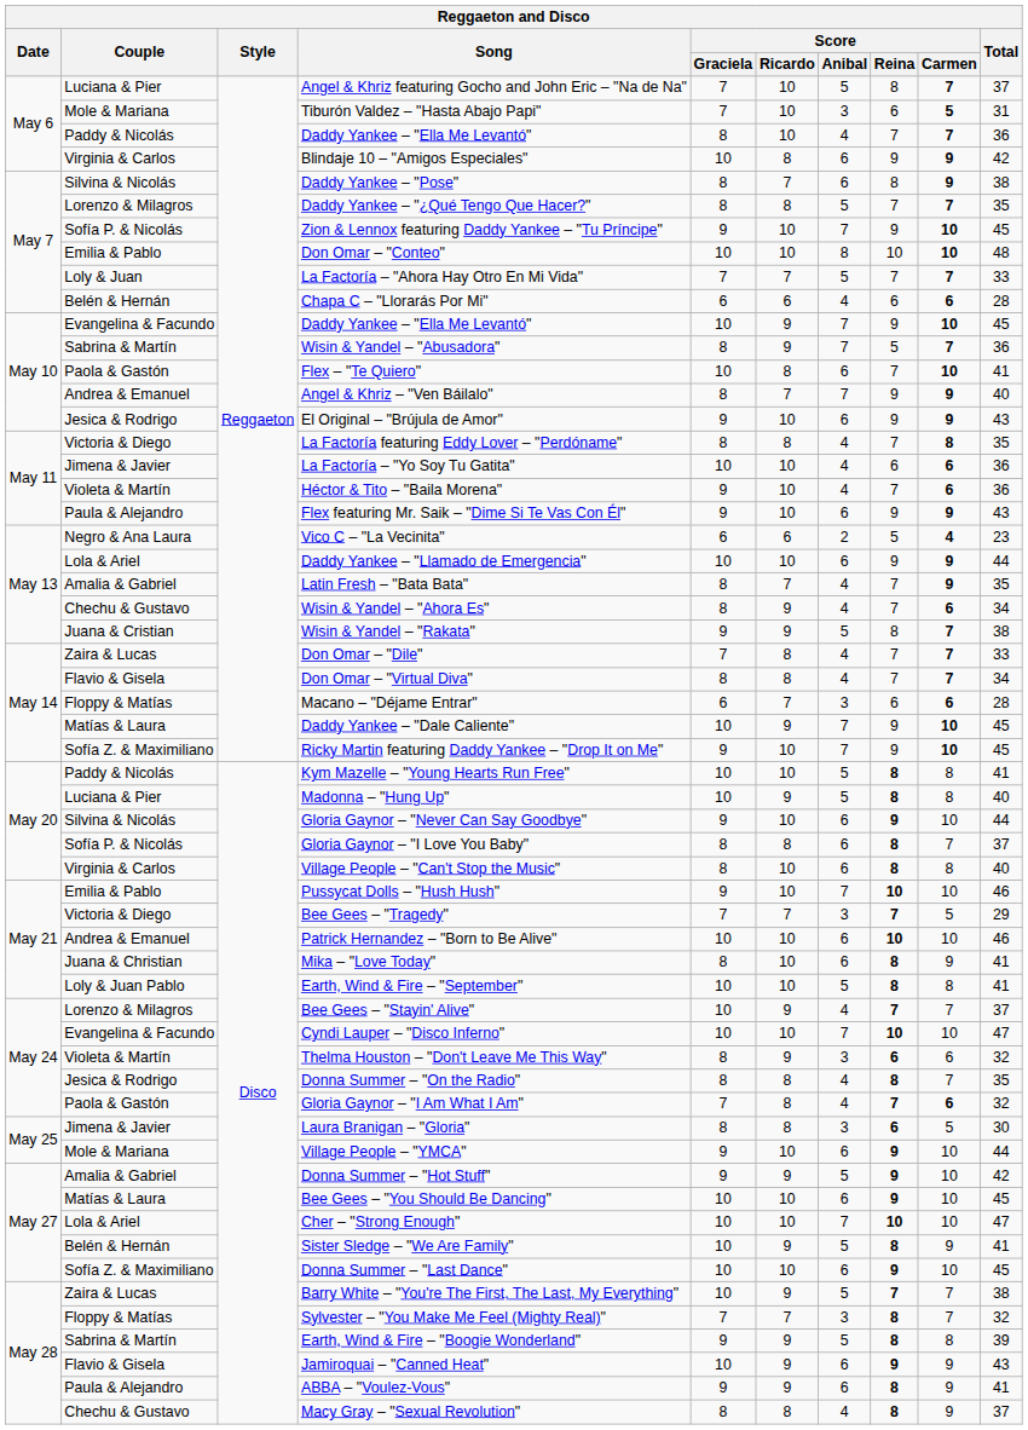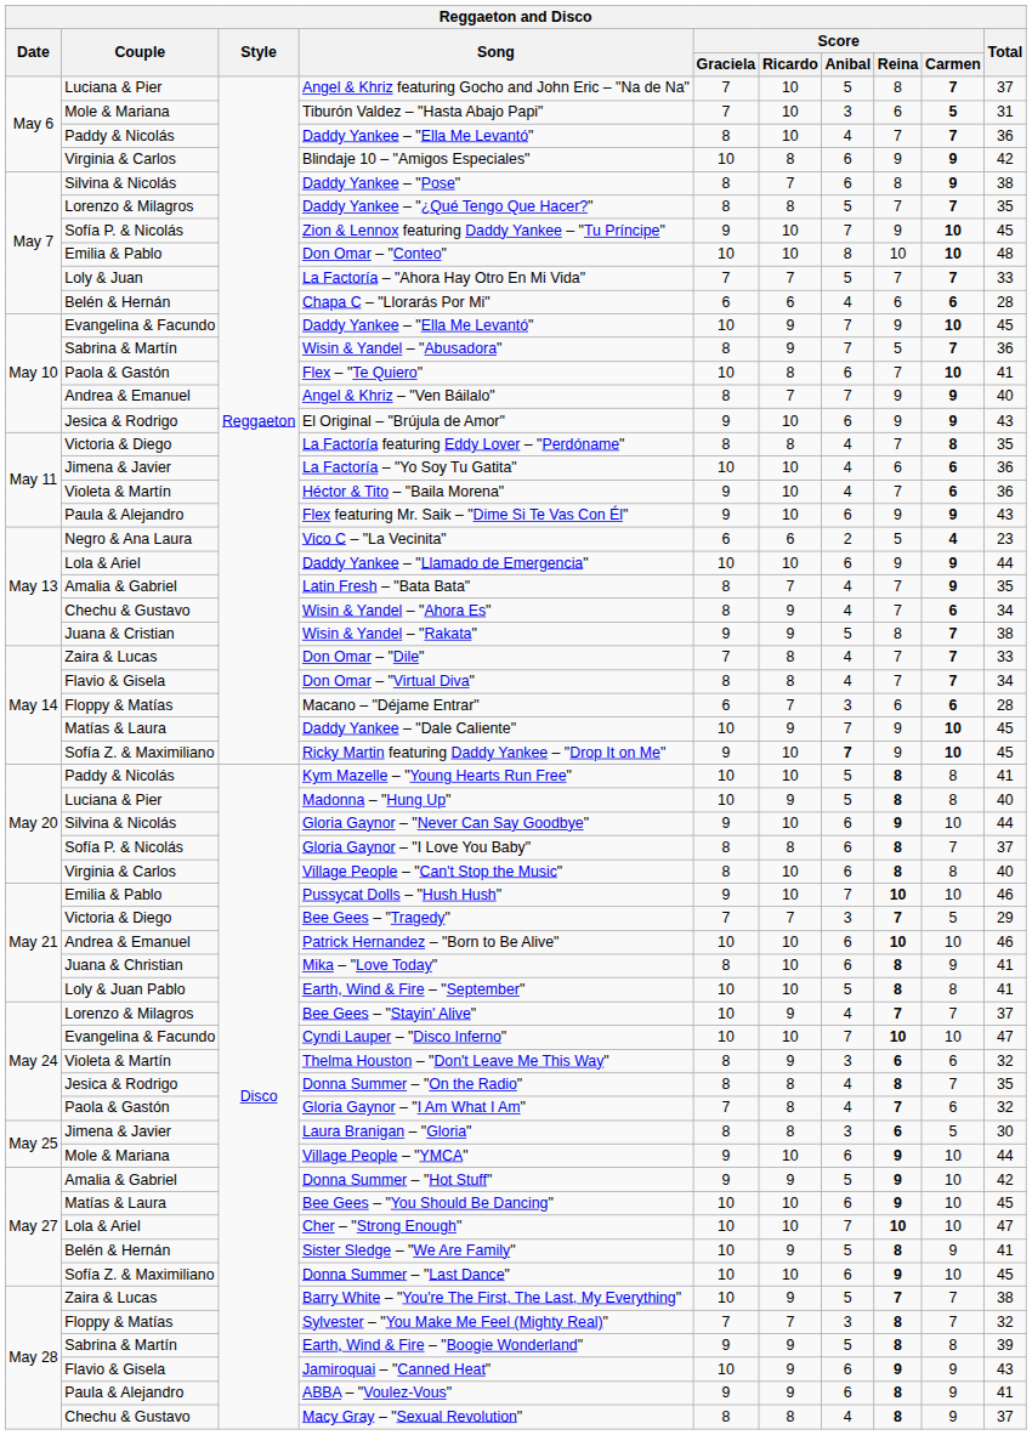 <table class="wikitable collapsible collapsed">
 <tr>
 <th colspan="10" align=center><strong>Reggaeton and Disco</strong></th>
 </tr>
 <tr>
 <th rowspan="2">Date</th>
 <th rowspan="2">Couple</th>
 <th rowspan="2">Style</th>
 <th rowspan="2">Song</th>
 <th colspan="5">Score</th>
 <th rowspan="2">Total</th>
 </tr>
 <tr>
 <th>Graciela</th>
 <th>Ricardo</th>
 <th>Anibal</th>
 <th>Reina</th>
 <th>Carmen</th>
 </tr>
 <tr>
 <td rowspan="4" style="text-align:center;">May 6</td>
 <td>Luciana & Pier</td>
 <td rowspan="29" style="text-align:center;"><a href='#'>Reggaeton</a></td>
 <td><a href='#'>Angel & Khriz</a> featuring Gocho and John Eric – "Na de Na"</td>
 <td style="text-align:center;">7</td>
 <td style="text-align:center;">10</td>
 <td style="text-align:center;">5</td>
 <td style="text-align:center;">8</td>
 <td style="text-align:center;"><strong>7</strong></td>
 <td style="text-align:center;">37</td>
 </tr>
 <tr>
 <td>Mole & Mariana</td>
 <td>Tiburón Valdez – "Hasta Abajo Papi"</td>
 <td style="text-align:center;">7</td>
 <td style="text-align:center;">10</td>
 <td style="text-align:center;">3</td>
 <td style="text-align:center;">6</td>
 <td style="text-align:center;"><strong>5</strong></td>
 <td style="text-align:center;">31</td>
 </tr>
 <tr>
 <td>Paddy & Nicolás</td>
 <td><a href='#'>Daddy Yankee</a> – "<a href='#'>Ella Me Levantó</a>"</td>
 <td style="text-align:center;">8</td>
 <td style="text-align:center;">10</td>
 <td style="text-align:center;">4</td>
 <td style="text-align:center;">7</td>
 <td style="text-align:center;"><strong>7</strong></td>
 <td style="text-align:center;">36</td>
 </tr>
 <tr>
 <td>Virginia & Carlos</td>
 <td>Blindaje 10 – "Amigos Especiales"</td>
 <td style="text-align:center;">10</td>
 <td style="text-align:center;">8</td>
 <td style="text-align:center;">6</td>
 <td style="text-align:center;">9</td>
 <td style="text-align:center;"><strong>9</strong></td>
 <td style="text-align:center;">42</td>
 </tr>
 <tr>
 <td rowspan="6" style="text-align:center;">May 7</td>
 <td>Silvina & Nicolás</td>
 <td><a href='#'>Daddy Yankee</a> – "<a href='#'>Pose</a>"</td>
 <td style="text-align:center;">8</td>
 <td style="text-align:center;">7</td>
 <td style="text-align:center;">6</td>
 <td style="text-align:center;">8</td>
 <td style="text-align:center;"><strong>9</strong></td>
 <td style="text-align:center;">38</td>
 </tr>
 <tr>
 <td>Lorenzo & Milagros</td>
 <td><a href='#'>Daddy Yankee</a> – "<a href='#'>¿Qué Tengo Que Hacer?</a>"</td>
 <td style="text-align:center;">8</td>
 <td style="text-align:center;">8</td>
 <td style="text-align:center;">5</td>
 <td style="text-align:center;">7</td>
 <td style="text-align:center;"><strong>7</strong></td>
 <td style="text-align:center;">35</td>
 </tr>
 <tr>
 <td>Sofía P. & Nicolás</td>
 <td><a href='#'>Zion & Lennox</a> featuring <a href='#'>Daddy Yankee</a> – "<a href='#'>Tu Príncipe</a>"</td>
 <td style="text-align:center;">9</td>
 <td style="text-align:center;">10</td>
 <td style="text-align:center;">7</td>
 <td style="text-align:center;">9</td>
 <td style="text-align:center;"><strong>10</strong></td>
 <td style="text-align:center;">45</td>
 </tr>
 <tr>
 <td>Emilia & Pablo</td>
 <td><a href='#'>Don Omar</a> – "<a href='#'>Conteo</a>"</td>
 <td style="text-align:center;">10</td>
 <td style="text-align:center;">10</td>
 <td style="text-align:center;">8</td>
 <td style="text-align:center;">10</td>
 <td style="text-align:center;"><strong>10</strong></td>
 <td style="text-align:center;">48</td>
 </tr>
 <tr>
 <td>Loly & Juan</td>
 <td><a href='#'>La Factoría</a> – "Ahora Hay Otro En Mi Vida"</td>
 <td style="text-align:center;">7</td>
 <td style="text-align:center;">7</td>
 <td style="text-align:center;">5</td>
 <td style="text-align:center;">7</td>
 <td style="text-align:center;"><strong>7</strong></td>
 <td style="text-align:center;">33</td>
 </tr>
 <tr>
 <td>Belén & Hernán</td>
 <td><a href='#'>Chapa C</a> – "Llorarás Por Mi"</td>
 <td style="text-align:center;">6</td>
 <td style="text-align:center;">6</td>
 <td style="text-align:center;">4</td>
 <td style="text-align:center;">6</td>
 <td style="text-align:center;"><strong>6</strong></td>
 <td style="text-align:center;">28</td>
 </tr>
 <tr>
 <td rowspan="5" style="text-align:center;">May 10</td>
 <td>Evangelina & Facundo</td>
 <td><a href='#'>Daddy Yankee</a> – "<a href='#'>Ella Me Levantó</a>"</td>
 <td style="text-align:center;">10</td>
 <td style="text-align:center;">9</td>
 <td style="text-align:center;">7</td>
 <td style="text-align:center;">9</td>
 <td style="text-align:center;"><strong>10</strong></td>
 <td style="text-align:center;">45</td>
 </tr>
 <tr>
 <td>Sabrina & Martín</td>
 <td><a href='#'>Wisin & Yandel</a> – "<a href='#'>Abusadora</a>"</td>
 <td style="text-align:center;">8</td>
 <td style="text-align:center;">9</td>
 <td style="text-align:center;">7</td>
 <td style="text-align:center;">5</td>
 <td style="text-align:center;"><strong>7</strong></td>
 <td style="text-align:center;">36</td>
 </tr>
 <tr>
 <td>Paola & Gastón</td>
 <td><a href='#'>Flex</a> – "<a href='#'>Te Quiero</a>"</td>
 <td style="text-align:center;">10</td>
 <td style="text-align:center;">8</td>
 <td style="text-align:center;">6</td>
 <td style="text-align:center;">7</td>
 <td style="text-align:center;"><strong>10</strong></td>
 <td style="text-align:center;">41</td>
 </tr>
 <tr>
 <td>Andrea & Emanuel</td>
 <td><a href='#'>Angel & Khriz</a> – "Ven Báilalo"</td>
 <td style="text-align:center;">8</td>
 <td style="text-align:center;">7</td>
 <td style="text-align:center;">7</td>
 <td style="text-align:center;">9</td>
 <td style="text-align:center;"><strong>9</strong></td>
 <td style="text-align:center;">40</td>
 </tr>
 <tr>
 <td>Jesica & Rodrigo</td>
 <td>El Original – "Brújula de Amor"</td>
 <td style="text-align:center;">9</td>
 <td style="text-align:center;">10</td>
 <td style="text-align:center;">6</td>
 <td style="text-align:center;">9</td>
 <td style="text-align:center;"><strong>9</strong></td>
 <td style="text-align:center;">43</td>
 </tr>
 <tr>
 <td rowspan="4" style="text-align:center;">May 11</td>
 <td>Victoria & Diego</td>
 <td><a href='#'>La Factoría</a> featuring <a href='#'>Eddy Lover</a> – "<a href='#'>Perdóname</a>"</td>
 <td style="text-align:center;">8</td>
 <td style="text-align:center;">8</td>
 <td style="text-align:center;">4</td>
 <td style="text-align:center;">7</td>
 <td style="text-align:center;"><strong>8</strong></td>
 <td style="text-align:center;">35</td>
 </tr>
 <tr>
 <td>Jimena & Javier</td>
 <td><a href='#'>La Factoría</a> – "Yo Soy Tu Gatita"</td>
 <td style="text-align:center;">10</td>
 <td style="text-align:center;">10</td>
 <td style="text-align:center;">4</td>
 <td style="text-align:center;">6</td>
 <td style="text-align:center;"><strong>6</strong></td>
 <td style="text-align:center;">36</td>
 </tr>
 <tr>
 <td>Violeta & Martín</td>
 <td><a href='#'>Héctor & Tito</a> – "Baila Morena"</td>
 <td style="text-align:center;">9</td>
 <td style="text-align:center;">10</td>
 <td style="text-align:center;">4</td>
 <td style="text-align:center;">7</td>
 <td style="text-align:center;"><strong>6</strong></td>
 <td style="text-align:center;">36</td>
 </tr>
 <tr>
 <td>Paula & Alejandro</td>
 <td><a href='#'>Flex</a> featuring Mr. Saik – "<a href='#'>Dime Si Te Vas Con Él</a>"</td>
 <td style="text-align:center;">9</td>
 <td style="text-align:center;">10</td>
 <td style="text-align:center;">6</td>
 <td style="text-align:center;">9</td>
 <td style="text-align:center;"><strong>9</strong></td>
 <td style="text-align:center;">43</td>
 </tr>
 <tr>
 <td rowspan="5" style="text-align:center;">May 13</td>
 <td>Negro & Ana Laura</td>
 <td><a href='#'>Vico C</a> – "La Vecinita"</td>
 <td style="text-align:center;">6</td>
 <td style="text-align:center;">6</td>
 <td style="text-align:center;">2</td>
 <td style="text-align:center;">5</td>
 <td style="text-align:center;"><strong>4</strong></td>
 <td style="text-align:center;">23</td>
 </tr>
 <tr>
 <td>Lola & Ariel</td>
 <td><a href='#'>Daddy Yankee</a> – "<a href='#'>Llamado de Emergencia</a>"</td>
 <td style="text-align:center;">10</td>
 <td style="text-align:center;">10</td>
 <td style="text-align:center;">6</td>
 <td style="text-align:center;">9</td>
 <td style="text-align:center;"><strong>9</strong></td>
 <td style="text-align:center;">44</td>
 </tr>
 <tr>
 <td>Amalia & Gabriel</td>
 <td><a href='#'>Latin Fresh</a> – "Bata Bata"</td>
 <td style="text-align:center;">8</td>
 <td style="text-align:center;">7</td>
 <td style="text-align:center;">4</td>
 <td style="text-align:center;">7</td>
 <td style="text-align:center;"><strong>9</strong></td>
 <td style="text-align:center;">35</td>
 </tr>
 <tr>
 <td>Chechu & Gustavo</td>
 <td><a href='#'>Wisin & Yandel</a> – "<a href='#'>Ahora Es</a>"</td>
 <td style="text-align:center;">8</td>
 <td style="text-align:center;">9</td>
 <td style="text-align:center;">4</td>
 <td style="text-align:center;">7</td>
 <td style="text-align:center;"><strong>6</strong></td>
 <td style="text-align:center;">34</td>
 </tr>
 <tr>
 <td>Juana & Cristian</td>
 <td><a href='#'>Wisin & Yandel</a> – "<a href='#'>Rakata</a>"</td>
 <td style="text-align:center;">9</td>
 <td style="text-align:center;">9</td>
 <td style="text-align:center;">5</td>
 <td style="text-align:center;">8</td>
 <td style="text-align:center;"><strong>7</strong></td>
 <td style="text-align:center;">38</td>
 </tr>
 <tr>
 <td rowspan="5" style="text-align:center;">May 14</td>
 <td>Zaira & Lucas</td>
 <td><a href='#'>Don Omar</a> – "<a href='#'>Dile</a>"</td>
 <td style="text-align:center;">7</td>
 <td style="text-align:center;">8</td>
 <td style="text-align:center;">4</td>
 <td style="text-align:center;">7</td>
 <td style="text-align:center;"><strong>7</strong></td>
 <td style="text-align:center;">33</td>
 </tr>
 <tr>
 <td>Flavio & Gisela</td>
 <td><a href='#'>Don Omar</a> – "<a href='#'>Virtual Diva</a>"</td>
 <td style="text-align:center;">8</td>
 <td style="text-align:center;">8</td>
 <td style="text-align:center;">4</td>
 <td style="text-align:center;">7</td>
 <td style="text-align:center;"><strong>7</strong></td>
 <td style="text-align:center;">34</td>
 </tr>
 <tr>
 <td>Floppy & Matías</td>
 <td>Macano – "Déjame Entrar"</td>
 <td style="text-align:center;">6</td>
 <td style="text-align:center;">7</td>
 <td style="text-align:center;">3</td>
 <td style="text-align:center;">6</td>
 <td style="text-align:center;"><strong>6</strong></td>
 <td style="text-align:center;">28</td>
 </tr>
 <tr>
 <td>Matías & Laura</td>
 <td><a href='#'>Daddy Yankee</a> – "Dale Caliente"</td>
 <td style="text-align:center;">10</td>
 <td style="text-align:center;">9</td>
 <td style="text-align:center;">7</td>
 <td style="text-align:center;">9</td>
 <td style="text-align:center;"><strong>10</strong></td>
 <td style="text-align:center;">45</td>
 </tr>
 <tr>
 <td>Sofía Z. & Maximiliano</td>
 <td><a href='#'>Ricky Martin</a> featuring <a href='#'>Daddy Yankee</a> – "<a href='#'>Drop It on Me</a>"</td>
 <td style="text-align:center;">9</td>
 <td style="text-align:center;">10</td>
-<td style="text-align:center;">7</td>
+<td style="text-align:center;"><strong>7</strong></td>
 <td style="text-align:center;">9</td>
 <td style="text-align:center;"><strong>10</strong></td>
 <td style="text-align:center;">45</td>
 </tr>
 <tr>
 <td rowspan="5" style="text-align:center;">May 20</td>
 <td>Paddy & Nicolás</td>
 <td rowspan="28" style="text-align:center;"><a href='#'>Disco</a></td>
 <td><a href='#'>Kym Mazelle</a> – "<a href='#'>Young Hearts Run Free</a>"</td>
 <td style="text-align:center;">10</td>
 <td style="text-align:center;">10</td>
 <td style="text-align:center;">5</td>
 <td style="text-align:center;"><strong>8</strong></td>
 <td style="text-align:center;">8</td>
 <td style="text-align:center;">41</td>
 </tr>
 <tr>
 <td>Luciana & Pier</td>
 <td><a href='#'>Madonna</a> – "<a href='#'>Hung Up</a>"</td>
 <td style="text-align:center;">10</td>
 <td style="text-align:center;">9</td>
 <td style="text-align:center;">5</td>
 <td style="text-align:center;"><strong>8</strong></td>
 <td style="text-align:center;">8</td>
 <td style="text-align:center;">40</td>
 </tr>
 <tr>
 <td>Silvina & Nicolás</td>
 <td><a href='#'>Gloria Gaynor</a> – "<a href='#'>Never Can Say Goodbye</a>"</td>
 <td style="text-align:center;">9</td>
 <td style="text-align:center;">10</td>
 <td style="text-align:center;">6</td>
 <td style="text-align:center;"><strong>9</strong></td>
 <td style="text-align:center;">10</td>
 <td style="text-align:center;">44</td>
 </tr>
 <tr>
 <td>Sofía P. & Nicolás</td>
 <td><a href='#'>Gloria Gaynor</a> – "I Love You Baby"</td>
 <td style="text-align:center;">8</td>
 <td style="text-align:center;">8</td>
 <td style="text-align:center;">6</td>
 <td style="text-align:center;"><strong>8</strong></td>
 <td style="text-align:center;">7</td>
 <td style="text-align:center;">37</td>
 </tr>
 <tr>
 <td>Virginia & Carlos</td>
 <td><a href='#'>Village People</a> – "<a href='#'>Can't Stop the Music</a>"</td>
 <td style="text-align:center;">8</td>
 <td style="text-align:center;">10</td>
 <td style="text-align:center;">6</td>
 <td style="text-align:center;"><strong>8</strong></td>
 <td style="text-align:center;">8</td>
 <td style="text-align:center;">40</td>
 </tr>
 <tr>
 <td rowspan="5" style="text-align:center;">May 21</td>
 <td>Emilia & Pablo</td>
 <td><a href='#'>Pussycat Dolls</a> – "<a href='#'>Hush Hush</a>"</td>
 <td style="text-align:center;">9</td>
 <td style="text-align:center;">10</td>
 <td style="text-align:center;">7</td>
 <td style="text-align:center;"><strong>10</strong></td>
 <td style="text-align:center;">10</td>
 <td style="text-align:center;">46</td>
 </tr>
 <tr>
 <td>Victoria & Diego</td>
 <td><a href='#'>Bee Gees</a> – "<a href='#'>Tragedy</a>"</td>
 <td style="text-align:center;">7</td>
 <td style="text-align:center;">7</td>
 <td style="text-align:center;">3</td>
 <td style="text-align:center;"><strong>7</strong></td>
 <td style="text-align:center;">5</td>
 <td style="text-align:center;">29</td>
 </tr>
 <tr>
 <td>Andrea & Emanuel</td>
 <td><a href='#'>Patrick Hernandez</a> – "Born to Be Alive"</td>
 <td style="text-align:center;">10</td>
 <td style="text-align:center;">10</td>
 <td style="text-align:center;">6</td>
 <td style="text-align:center;"><strong>10</strong></td>
 <td style="text-align:center;">10</td>
 <td style="text-align:center;">46</td>
 </tr>
 <tr>
 <td>Juana & Christian</td>
 <td><a href='#'>Mika</a> – "<a href='#'>Love Today</a>"</td>
 <td style="text-align:center;">8</td>
 <td style="text-align:center;">10</td>
 <td style="text-align:center;">6</td>
 <td style="text-align:center;"><strong>8</strong></td>
 <td style="text-align:center;">9</td>
 <td style="text-align:center;">41</td>
 </tr>
 <tr>
 <td>Loly & Juan Pablo</td>
 <td><a href='#'>Earth, Wind & Fire</a> – "<a href='#'>September</a>"</td>
 <td style="text-align:center;">10</td>
 <td style="text-align:center;">10</td>
 <td style="text-align:center;">5</td>
 <td style="text-align:center;"><strong>8</strong></td>
 <td style="text-align:center;">8</td>
 <td style="text-align:center;">41</td>
 </tr>
 <tr>
 <td rowspan="5" style="text-align:center;">May 24</td>
 <td>Lorenzo & Milagros</td>
 <td><a href='#'>Bee Gees</a> – "<a href='#'>Stayin' Alive</a>"</td>
 <td style="text-align:center;">10</td>
 <td style="text-align:center;">9</td>
 <td style="text-align:center;">4</td>
 <td style="text-align:center;"><strong>7</strong></td>
 <td style="text-align:center;">7</td>
 <td style="text-align:center;">37</td>
 </tr>
 <tr>
 <td>Evangelina & Facundo</td>
 <td><a href='#'>Cyndi Lauper</a> – "<a href='#'>Disco Inferno</a>"</td>
 <td style="text-align:center;">10</td>
 <td style="text-align:center;">10</td>
 <td style="text-align:center;">7</td>
 <td style="text-align:center;"><strong>10</strong></td>
 <td style="text-align:center;">10</td>
 <td style="text-align:center;">47</td>
 </tr>
 <tr>
 <td>Violeta & Martín</td>
 <td><a href='#'>Thelma Houston</a> – "<a href='#'>Don't Leave Me This Way</a>"</td>
 <td style="text-align:center;">8</td>
 <td style="text-align:center;">9</td>
 <td style="text-align:center;">3</td>
 <td style="text-align:center;"><strong>6</strong></td>
 <td style="text-align:center;">6</td>
 <td style="text-align:center;">32</td>
 </tr>
 <tr>
 <td>Jesica & Rodrigo</td>
 <td><a href='#'>Donna Summer</a> – "<a href='#'>On the Radio</a>"</td>
 <td style="text-align:center;">8</td>
 <td style="text-align:center;">8</td>
 <td style="text-align:center;">4</td>
 <td style="text-align:center;"><strong>8</strong></td>
 <td style="text-align:center;">7</td>
 <td style="text-align:center;">35</td>
 </tr>
 <tr>
 <td>Paola & Gastón</td>
 <td><a href='#'>Gloria Gaynor</a> – "<a href='#'>I Am What I Am</a>"</td>
 <td style="text-align:center;">7</td>
 <td style="text-align:center;">8</td>
 <td style="text-align:center;">4</td>
 <td style="text-align:center;"><strong>7</strong></td>
-<td style="text-align:center;"><strong>6</strong></td>
+<td style="text-align:center;">6</td>
 <td style="text-align:center;">32</td>
 </tr>
 <tr>
 <td rowspan="2" style="text-align:center;">May 25</td>
 <td>Jimena & Javier</td>
 <td><a href='#'>Laura Branigan</a> – "<a href='#'>Gloria</a>"</td>
 <td style="text-align:center;">8</td>
 <td style="text-align:center;">8</td>
 <td style="text-align:center;">3</td>
 <td style="text-align:center;"><strong>6</strong></td>
 <td style="text-align:center;">5</td>
 <td style="text-align:center;">30</td>
 </tr>
 <tr>
 <td>Mole & Mariana</td>
 <td><a href='#'>Village People</a> – "<a href='#'>YMCA</a>"</td>
 <td style="text-align:center;">9</td>
 <td style="text-align:center;">10</td>
 <td style="text-align:center;">6</td>
 <td style="text-align:center;"><strong>9</strong></td>
 <td style="text-align:center;">10</td>
 <td style="text-align:center;">44</td>
 </tr>
 <tr>
 <td rowspan="5" style="text-align:center;">May 27</td>
 <td>Amalia & Gabriel</td>
 <td><a href='#'>Donna Summer</a> – "<a href='#'>Hot Stuff</a>"</td>
 <td style="text-align:center;">9</td>
 <td style="text-align:center;">9</td>
 <td style="text-align:center;">5</td>
 <td style="text-align:center;"><strong>9</strong></td>
 <td style="text-align:center;">10</td>
 <td style="text-align:center;">42</td>
 </tr>
 <tr>
 <td>Matías & Laura</td>
 <td><a href='#'>Bee Gees</a> – "<a href='#'>You Should Be Dancing</a>"</td>
 <td style="text-align:center;">10</td>
 <td style="text-align:center;">10</td>
 <td style="text-align:center;">6</td>
 <td style="text-align:center;"><strong>9</strong></td>
 <td style="text-align:center;">10</td>
 <td style="text-align:center;">45</td>
 </tr>
 <tr>
 <td>Lola & Ariel</td>
 <td><a href='#'>Cher</a> – "<a href='#'>Strong Enough</a>"</td>
 <td style="text-align:center;">10</td>
 <td style="text-align:center;">10</td>
 <td style="text-align:center;">7</td>
 <td style="text-align:center;"><strong>10</strong></td>
 <td style="text-align:center;">10</td>
 <td style="text-align:center;">47</td>
 </tr>
 <tr>
 <td>Belén & Hernán</td>
 <td><a href='#'>Sister Sledge</a> – "<a href='#'>We Are Family</a>"</td>
 <td style="text-align:center;">10</td>
 <td style="text-align:center;">9</td>
 <td style="text-align:center;">5</td>
 <td style="text-align:center;"><strong>8</strong></td>
 <td style="text-align:center;">9</td>
 <td style="text-align:center;">41</td>
 </tr>
 <tr>
 <td>Sofía Z. & Maximiliano</td>
 <td><a href='#'>Donna Summer</a> – "<a href='#'>Last Dance</a>"</td>
 <td style="text-align:center;">10</td>
 <td style="text-align:center;">10</td>
 <td style="text-align:center;">6</td>
 <td style="text-align:center;"><strong>9</strong></td>
 <td style="text-align:center;">10</td>
 <td style="text-align:center;">45</td>
 </tr>
 <tr>
 <td rowspan="6" style="text-align:center;">May 28</td>
 <td>Zaira & Lucas</td>
 <td><a href='#'>Barry White</a> – "<a href='#'>You're The First, The Last, My Everything</a>"</td>
 <td style="text-align:center;">10</td>
 <td style="text-align:center;">9</td>
 <td style="text-align:center;">5</td>
 <td style="text-align:center;"><strong>7</strong></td>
 <td style="text-align:center;">7</td>
 <td style="text-align:center;">38</td>
 </tr>
 <tr>
 <td>Floppy & Matías</td>
 <td><a href='#'>Sylvester</a> – "<a href='#'>You Make Me Feel (Mighty Real)</a>"</td>
 <td style="text-align:center;">7</td>
 <td style="text-align:center;">7</td>
 <td style="text-align:center;">3</td>
 <td style="text-align:center;"><strong>8</strong></td>
 <td style="text-align:center;">7</td>
 <td style="text-align:center;">32</td>
 </tr>
 <tr>
 <td>Sabrina & Martín</td>
 <td><a href='#'>Earth, Wind & Fire</a> – "<a href='#'>Boogie Wonderland</a>"</td>
 <td style="text-align:center;">9</td>
 <td style="text-align:center;">9</td>
 <td style="text-align:center;">5</td>
 <td style="text-align:center;"><strong>8</strong></td>
 <td style="text-align:center;">8</td>
 <td style="text-align:center;">39</td>
 </tr>
 <tr>
 <td>Flavio & Gisela</td>
 <td><a href='#'>Jamiroquai</a> – "<a href='#'>Canned Heat</a>"</td>
 <td style="text-align:center;">10</td>
 <td style="text-align:center;">9</td>
 <td style="text-align:center;">6</td>
 <td style="text-align:center;"><strong>9</strong></td>
 <td style="text-align:center;">9</td>
 <td style="text-align:center;">43</td>
 </tr>
 <tr>
 <td>Paula & Alejandro</td>
 <td><a href='#'>ABBA</a> – "<a href='#'>Voulez-Vous</a>"</td>
 <td style="text-align:center;">9</td>
 <td style="text-align:center;">9</td>
 <td style="text-align:center;">6</td>
 <td style="text-align:center;"><strong>8</strong></td>
 <td style="text-align:center;">9</td>
 <td style="text-align:center;">41</td>
 </tr>
 <tr>
 <td>Chechu & Gustavo</td>
 <td><a href='#'>Macy Gray</a> – "<a href='#'>Sexual Revolution</a>"</td>
 <td style="text-align:center;">8</td>
 <td style="text-align:center;">8</td>
 <td style="text-align:center;">4</td>
 <td style="text-align:center;"><strong>8</strong></td>
 <td style="text-align:center;">9</td>
 <td style="text-align:center;">37</td>
 </tr>
 </table>
